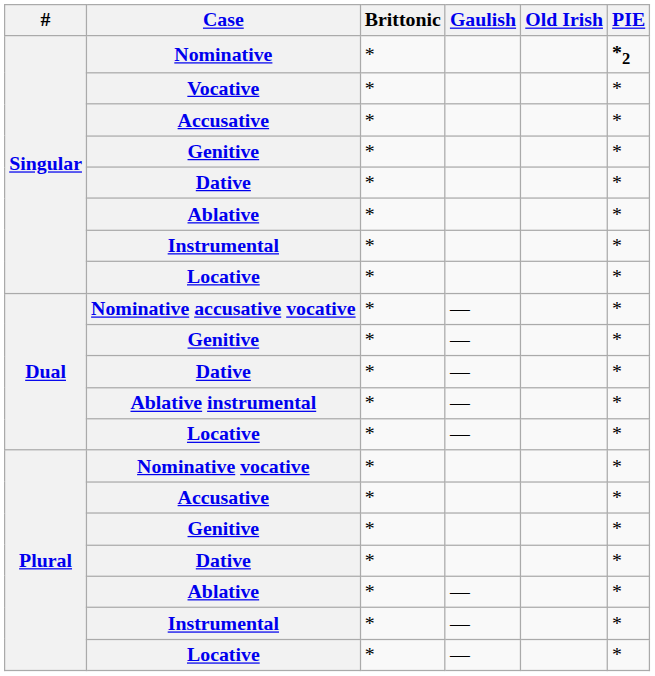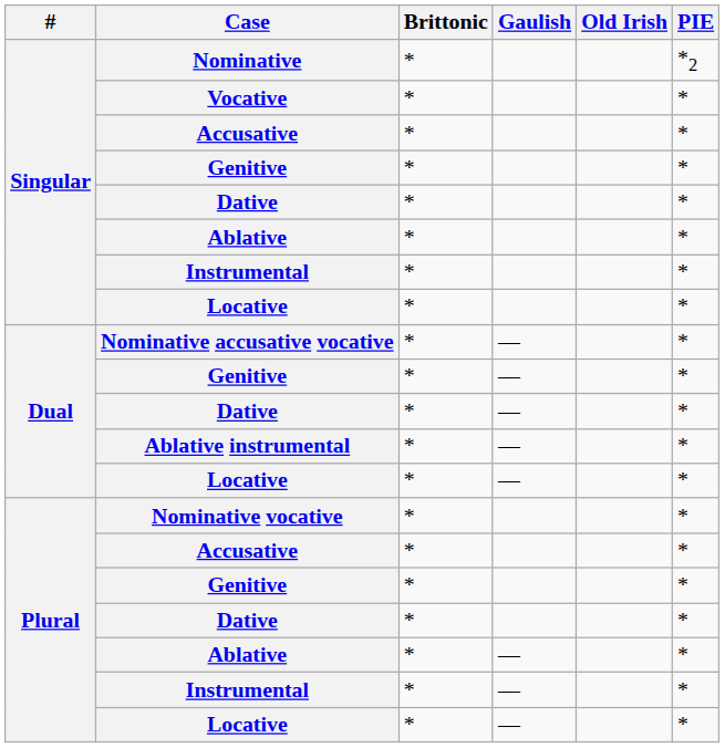 <table class="wikitable">
 <tr>
 <th>#</th>
 <th><a href='#'>Case</a></th>
 <th>Brittonic</th>
 <th><a href='#'>Gaulish</a></th>
 <th><a href='#'>Old Irish</a></th>
 <th><a href='#'>PIE</a></th>
 </tr>
 <tr>
 <th rowspan="8"><a href='#'>Singular</a></th>
 <th><a href='#'>Nominative</a></th>
 <td>*</td>
 <td></td>
 <td></td>
-<td><strong>*<sub>2</sub></strong></td>
+<td>*<sub>2</sub></td>
 </tr>
 <tr>
 <th><a href='#'>Vocative</a></th>
 <td>*</td>
 <td></td>
 <td></td>
 <td>*</td>
 </tr>
 <tr>
 <th><a href='#'>Accusative</a></th>
 <td>*</td>
 <td></td>
 <td></td>
 <td>*</td>
 </tr>
 <tr>
 <th><a href='#'>Genitive</a></th>
 <td>*</td>
 <td></td>
 <td></td>
 <td>*</td>
 </tr>
 <tr>
 <th><a href='#'>Dative</a></th>
 <td>*</td>
 <td></td>
 <td></td>
 <td>*</td>
 </tr>
 <tr>
 <th><a href='#'>Ablative</a></th>
 <td>*</td>
 <td></td>
 <td></td>
 <td>*</td>
 </tr>
 <tr>
 <th><a href='#'>Instrumental</a></th>
 <td>*</td>
 <td></td>
 <td></td>
 <td>*</td>
 </tr>
 <tr>
 <th><a href='#'>Locative</a></th>
 <td>*</td>
 <td></td>
 <td></td>
 <td>*</td>
 </tr>
 <tr>
 <th rowspan="5"><a href='#'>Dual</a></th>
 <th><a href='#'>Nominative</a> <a href='#'>accusative</a> <a href='#'>vocative</a></th>
 <td>*</td>
 <td>—</td>
 <td></td>
 <td>*</td>
 </tr>
 <tr>
 <th><a href='#'>Genitive</a></th>
 <td>*</td>
 <td>—</td>
 <td></td>
 <td>*</td>
 </tr>
 <tr>
 <th><a href='#'>Dative</a></th>
 <td>*</td>
 <td>—</td>
 <td></td>
 <td>*</td>
 </tr>
 <tr>
 <th><a href='#'>Ablative</a> <a href='#'>instrumental</a></th>
 <td>*</td>
 <td>—</td>
 <td></td>
 <td>*</td>
 </tr>
 <tr>
 <th><a href='#'>Locative</a></th>
 <td>*</td>
 <td>—</td>
 <td></td>
 <td>*</td>
 </tr>
 <tr>
 <th rowspan="7"><a href='#'>Plural</a></th>
 <th><a href='#'>Nominative</a> <a href='#'>vocative</a></th>
 <td>*</td>
 <td></td>
 <td></td>
 <td>*</td>
 </tr>
 <tr>
 <th><a href='#'>Accusative</a></th>
 <td>*</td>
 <td></td>
 <td></td>
 <td>*</td>
 </tr>
 <tr>
 <th><a href='#'>Genitive</a></th>
 <td>*</td>
 <td></td>
 <td></td>
 <td>*</td>
 </tr>
 <tr>
 <th><a href='#'>Dative</a></th>
 <td>*</td>
 <td></td>
 <td></td>
 <td>*</td>
 </tr>
 <tr>
 <th><a href='#'>Ablative</a></th>
 <td>*</td>
 <td>—</td>
 <td></td>
 <td>*</td>
 </tr>
 <tr>
 <th><a href='#'>Instrumental</a></th>
 <td>*</td>
 <td>—</td>
 <td></td>
 <td>*</td>
 </tr>
 <tr>
 <th><a href='#'>Locative</a></th>
 <td>*</td>
 <td>—</td>
 <td></td>
 <td>*</td>
 </tr>
 </table>
